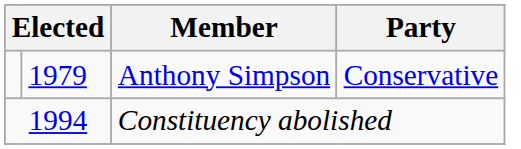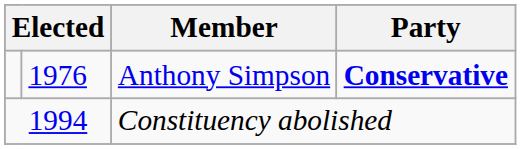 <table class="wikitable">
 <tr>
 <th colspan = "2">Elected</th>
 <th>Member</th>
 <th>Party</th>
 </tr>
 <tr>
 <td style="background-color: "></td>
-<td><a href='#'>1979</a></td>
+<td><a href='#'>1976</a></td>
 <td><a href='#'>Anthony Simpson</a></td>
-<td><a href='#'>Conservative</a></td>
+<td><strong><a href='#'>Conservative</a></strong></td>
 </tr>
 <tr>
 <td colspan="2" align="center"><a href='#'>1994</a></td>
 <td colspan="2"><em>Constituency abolished</em></td>
 </tr>
 </table>
